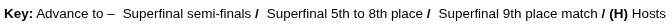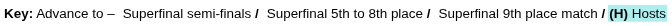 <table style="font-size: 85%;">
 <tr>
 <td height=5></td>
 </tr>
 <tr>
 <td><strong>Key:</strong> Advance to –</td>
 <td></td>
 <td>Superfinal semi-finals <strong>/</strong></td>
 <td></td>
 <td>Superfinal 5th to 8th place <strong>/</strong></td>
 <td></td>
 <td>Superfinal 9th place match <strong>/</strong></td>
-<td><strong>(H)</strong> Hosts</td>
+<td style="background: paleturquoise;"><strong>(H)</strong> Hosts</td>
 </tr>
 </table>
